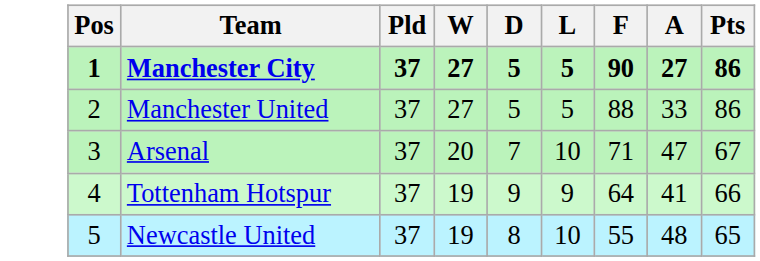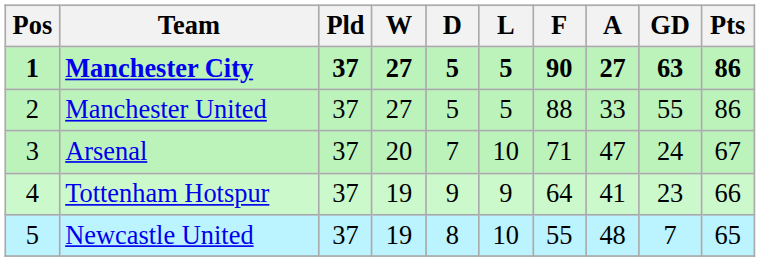 <table class=wikitable align="right" style="text-align:center;">
 <tr>
 <th width="25px">Pos</th>
 <th width="150px">Team</th>
 <th width="25px">Pld</th>
 <th width="25px">W</th>
 <th width="25px">D</th>
 <th width="25px">L</th>
 <th width="25px">F</th>
 <th width="25px">A</th>
+<th width="30px">GD</th>
 <th width="25px">Pts</th>
 </tr>
 <tr style="background:#bbf3bb">
 <td><strong>1</strong></td>
 <td style="text-align:left;"><strong><a href='#'>Manchester City</a></strong></td>
 <td><strong>37</strong></td>
 <td><strong>27</strong></td>
 <td><strong>5</strong></td>
 <td><strong>5</strong></td>
 <td><strong>90</strong></td>
 <td><strong>27</strong></td>
+<td><strong>63</strong></td>
 <td><strong>86</strong></td>
 </tr>
 <tr style="background:#bbf3bb">
 <td>2</td>
 <td style="text-align:left;"><a href='#'>Manchester United</a></td>
 <td>37</td>
 <td>27</td>
 <td>5</td>
 <td>5</td>
 <td>88</td>
 <td>33</td>
+<td>55</td>
 <td>86</td>
 </tr>
 <tr style="background:#bbf3bb">
 <td>3</td>
 <td style="text-align:left;"><a href='#'>Arsenal</a></td>
 <td>37</td>
 <td>20</td>
 <td>7</td>
 <td>10</td>
 <td>71</td>
 <td>47</td>
+<td>24</td>
 <td>67</td>
 </tr>
 <tr style="background:#ccf9cc">
 <td>4</td>
 <td style="text-align:left;"><a href='#'>Tottenham Hotspur</a></td>
 <td>37</td>
 <td>19</td>
 <td>9</td>
 <td>9</td>
 <td>64</td>
 <td>41</td>
+<td>23</td>
 <td>66</td>
 </tr>
 <tr style="background:#bbf3ff">
 <td>5</td>
 <td style="text-align:left;"><a href='#'>Newcastle United</a></td>
 <td>37</td>
 <td>19</td>
 <td>8</td>
 <td>10</td>
 <td>55</td>
 <td>48</td>
+<td>7</td>
 <td>65</td>
 </tr>
 </table>
